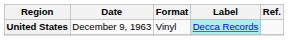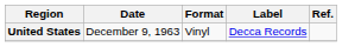 <table class="wikitable plainrowheaders">
 <tr>
 <th scope="col">Region</th>
 <th scope="col">Date</th>
 <th scope="col">Format</th>
 <th scope="col">Label</th>
 <th scope="col">Ref.</th>
 </tr>
 <tr>
 <th scope="row">United States</th>
 <td>December 9, 1963</td>
 <td>Vinyl</td>
-<td style="background: paleturquoise;"><a href='#'>Decca Records</a></td>
+<td><a href='#'>Decca Records</a></td>
 <td></td>
 </tr>
 <tr>
 </tr>
 </table>
